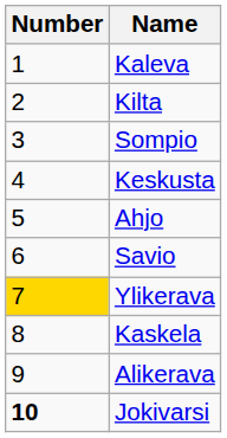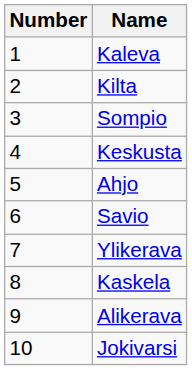 <table class="prettytable sortable" style="text-align:left;">
 <tr>
 <th>Number</th>
 <th>Name</th>
 </tr>
 <tr>
 <td>1</td>
 <td><a href='#'>Kaleva</a></td>
 </tr>
 <tr>
 <td>2</td>
 <td><a href='#'>Kilta</a></td>
 </tr>
 <tr>
 <td>3</td>
 <td><a href='#'>Sompio</a></td>
 </tr>
 <tr>
 <td>4</td>
 <td><a href='#'>Keskusta</a></td>
 </tr>
 <tr>
 <td>5</td>
 <td><a href='#'>Ahjo</a></td>
 </tr>
 <tr>
 <td>6</td>
 <td><a href='#'>Savio</a></td>
 </tr>
 <tr>
-<td style="background: gold;">7</td>
+<td>7</td>
 <td><a href='#'>Ylikerava</a></td>
 </tr>
 <tr>
 <td>8</td>
 <td><a href='#'>Kaskela</a></td>
 </tr>
 <tr>
 <td>9</td>
 <td><a href='#'>Alikerava</a></td>
 </tr>
 <tr>
-<td><strong>10</strong></td>
+<td>10</td>
 <td><a href='#'>Jokivarsi</a></td>
 </tr>
 </table>
